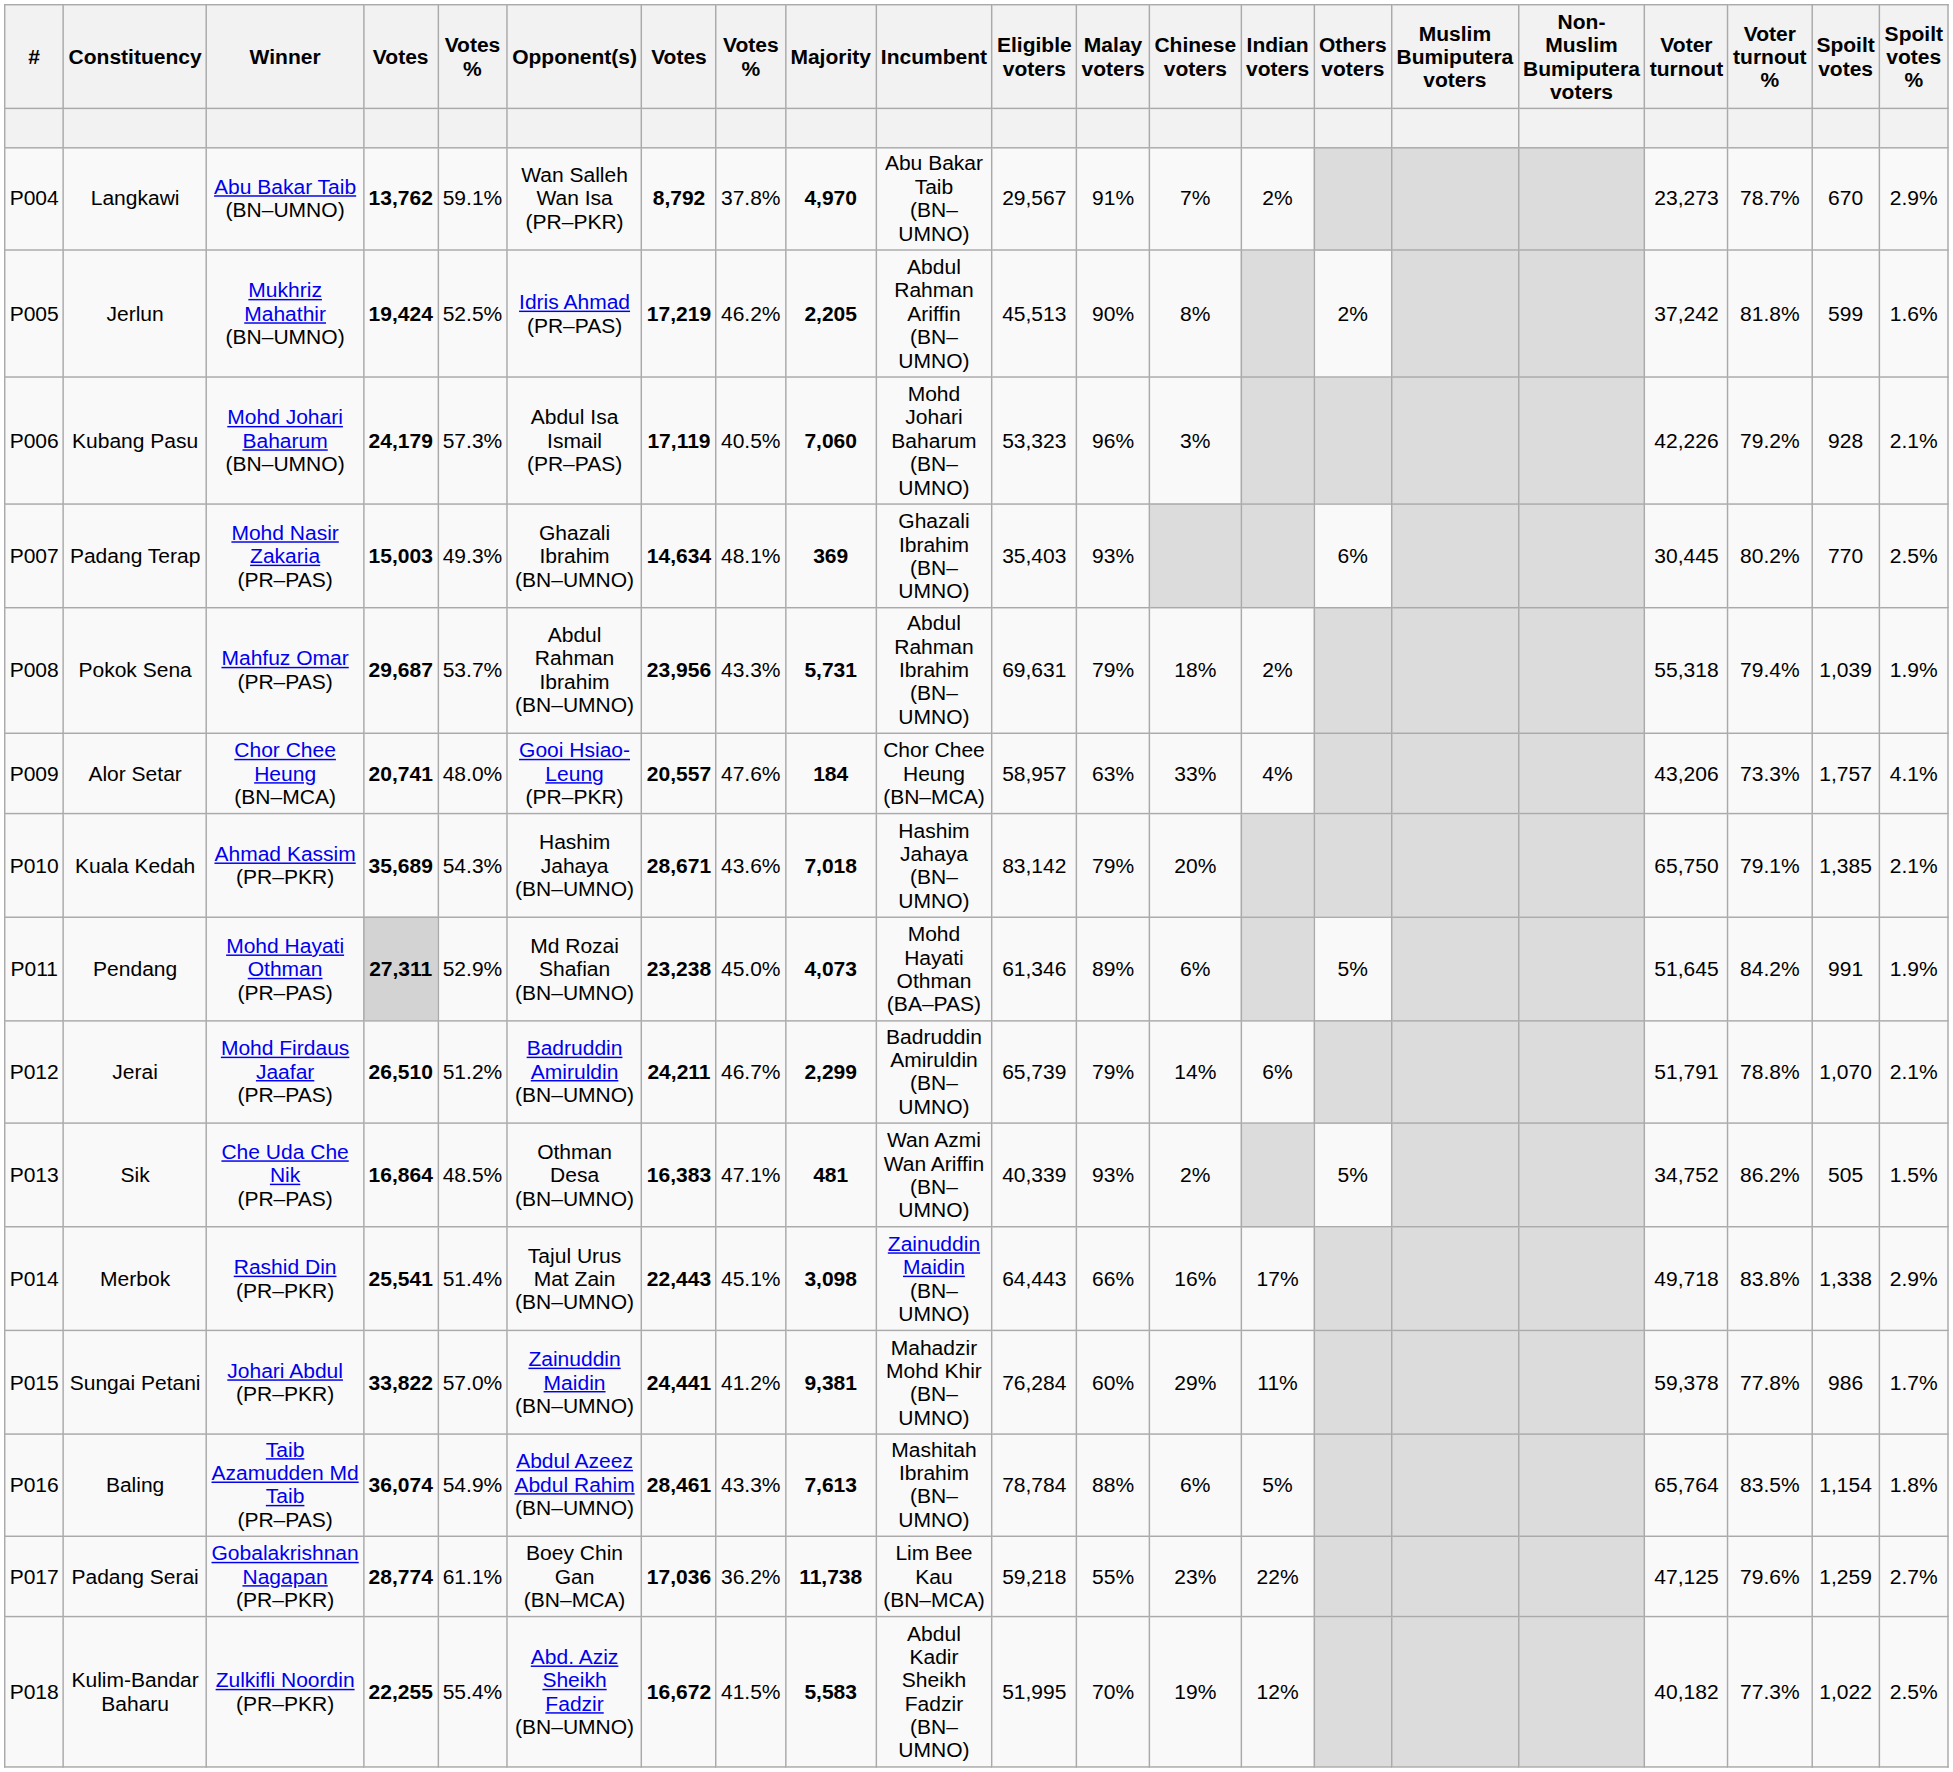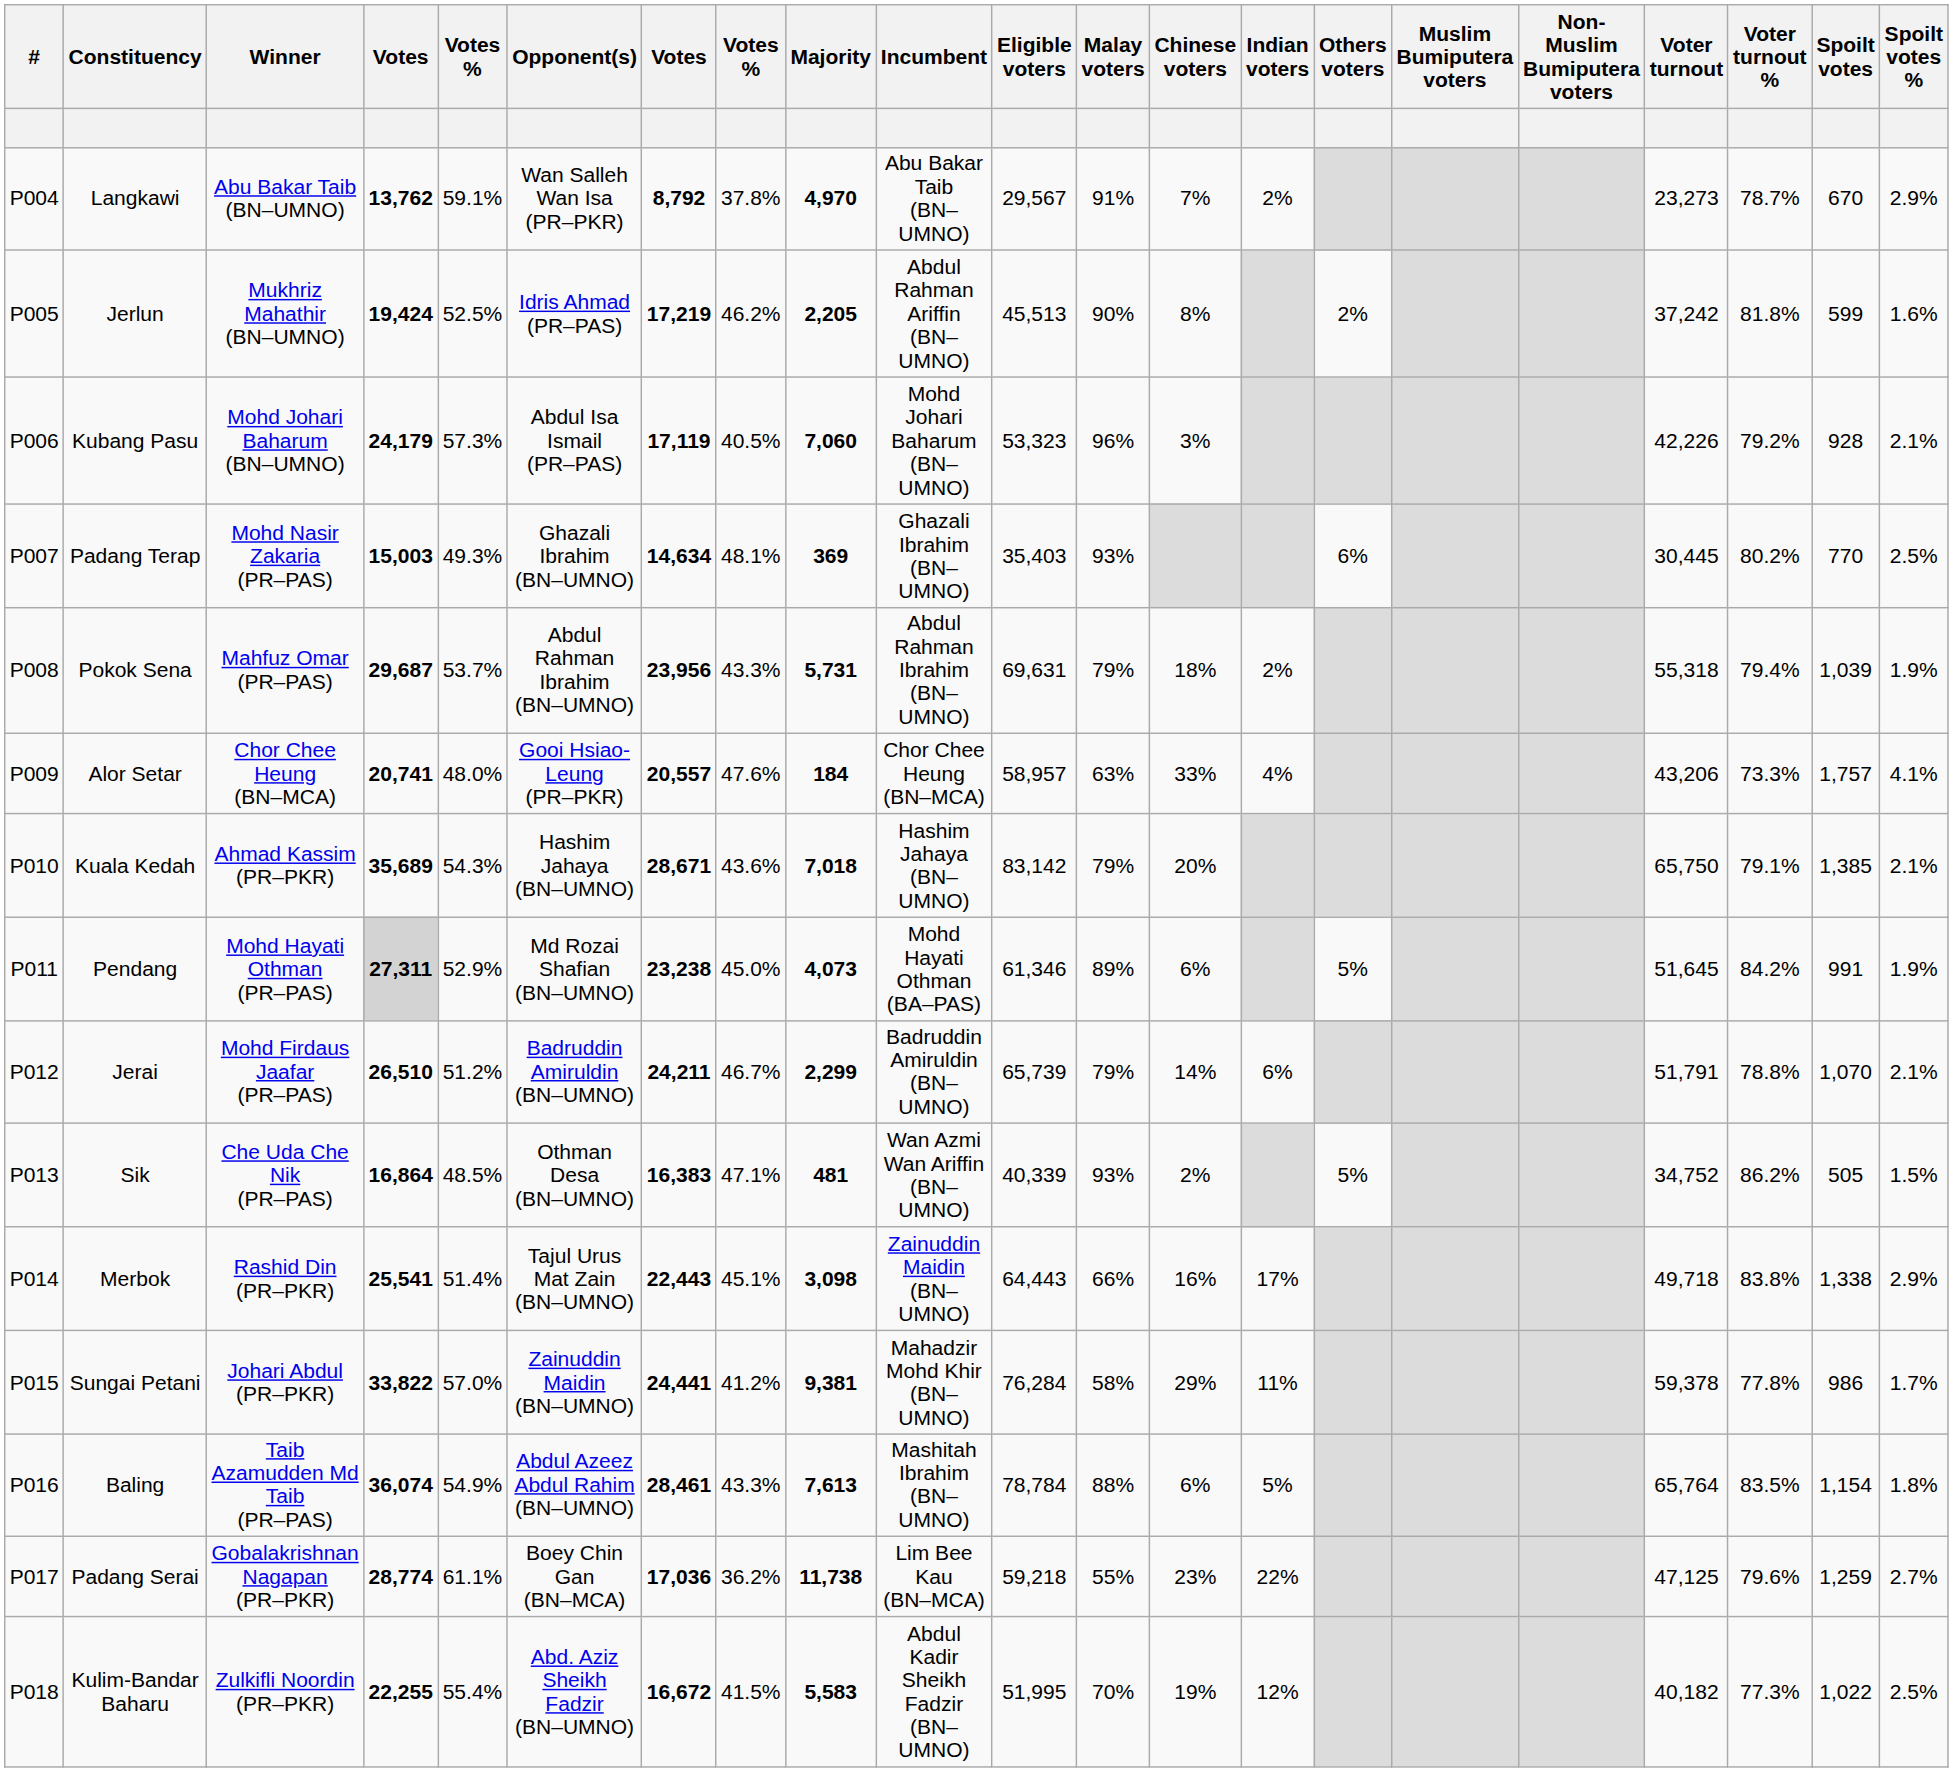 <table class="wikitable sortable" style="text-align:center; font-size:90%">
 <tr>
 <th width="30">#</th>
 <th width="60">Constituency</th>
 <th width="150">Winner</th>
 <th width="50">Votes</th>
 <th width="50">Votes %</th>
 <th width="150">Opponent(s)</th>
 <th width="50">Votes</th>
 <th width="50">Votes %</th>
 <th width="50">Majority</th>
 <th width="150">Incumbent</th>
 <th width="50">Eligible voters</th>
 <th width="50">Malay voters</th>
 <th width="50">Chinese voters</th>
 <th width="50">Indian voters</th>
 <th width="50">Others voters</th>
 <th width="50">Muslim Bumiputera voters</th>
 <th width="50">Non-Muslim Bumiputera voters</th>
 <th width="50">Voter turnout</th>
 <th width="50">Voter turnout %</th>
 <th width="50">Spoilt votes</th>
 <th width="50">Spoilt votes %</th>
 </tr>
 <tr>
 <th height="20"></th>
 <th></th>
 <th></th>
 <th></th>
 <th></th>
 <th></th>
 <th></th>
 <th></th>
 <th></th>
 <th></th>
 <th></th>
 <th></th>
 <th></th>
 <th></th>
 <th></th>
 <th></th>
 <th></th>
 <th></th>
 <th></th>
 <th></th>
 <th></th>
 </tr>
 <tr>
 <td>P004</td>
 <td>Langkawi</td>
 <td><a href='#'>Abu Bakar Taib</a><br>(BN–UMNO)</td>
 <td><strong>13,762</strong></td>
 <td>59.1%</td>
 <td>Wan Salleh Wan Isa<br>(PR–PKR)</td>
 <td><strong>8,792</strong></td>
 <td>37.8%</td>
 <td><strong>4,970</strong></td>
 <td>Abu Bakar Taib<br>(BN–UMNO)</td>
 <td>29,567</td>
 <td>91%</td>
 <td>7%</td>
 <td>2%</td>
 <td bgcolor="dcdcdc"></td>
 <td bgcolor="dcdcdc"></td>
 <td bgcolor="dcdcdc"></td>
 <td>23,273</td>
 <td>78.7%</td>
 <td>670</td>
 <td>2.9%</td>
 </tr>
 <tr>
 <td>P005</td>
 <td>Jerlun</td>
 <td><a href='#'>Mukhriz Mahathir</a><br>(BN–UMNO)</td>
 <td><strong>19,424</strong></td>
 <td>52.5%</td>
 <td><a href='#'>Idris Ahmad</a><br>(PR–PAS)</td>
 <td><strong>17,219</strong></td>
 <td>46.2%</td>
 <td><strong>2,205</strong></td>
 <td>Abdul Rahman Ariffin<br>(BN–UMNO)</td>
 <td>45,513</td>
 <td>90%</td>
 <td>8%</td>
 <td bgcolor="dcdcdc"></td>
 <td>2%</td>
 <td bgcolor="dcdcdc"></td>
 <td bgcolor="dcdcdc"></td>
 <td>37,242</td>
 <td>81.8%</td>
 <td>599</td>
 <td>1.6%</td>
 </tr>
 <tr>
 <td>P006</td>
 <td>Kubang Pasu</td>
 <td><a href='#'>Mohd Johari Baharum</a><br>(BN–UMNO)</td>
 <td><strong>24,179</strong></td>
 <td>57.3%</td>
 <td>Abdul Isa Ismail<br>(PR–PAS)</td>
 <td><strong>17,119</strong></td>
 <td>40.5%</td>
 <td><strong>7,060</strong></td>
 <td>Mohd Johari Baharum<br>(BN–UMNO)</td>
 <td>53,323</td>
 <td>96%</td>
 <td>3%</td>
 <td bgcolor="dcdcdc"></td>
 <td bgcolor="dcdcdc"></td>
 <td bgcolor="dcdcdc"></td>
 <td bgcolor="dcdcdc"></td>
 <td>42,226</td>
 <td>79.2%</td>
 <td>928</td>
 <td>2.1%</td>
 </tr>
 <tr>
 <td>P007</td>
 <td>Padang Terap</td>
 <td><a href='#'>Mohd Nasir Zakaria</a><br>(PR–PAS)</td>
 <td><strong>15,003</strong></td>
 <td>49.3%</td>
 <td>Ghazali Ibrahim<br>(BN–UMNO)</td>
 <td><strong>14,634</strong></td>
 <td>48.1%</td>
 <td><strong>369</strong></td>
 <td>Ghazali Ibrahim<br>(BN–UMNO)</td>
 <td>35,403</td>
 <td>93%</td>
 <td bgcolor="dcdcdc"></td>
 <td bgcolor="dcdcdc"></td>
 <td>6%</td>
 <td bgcolor="dcdcdc"></td>
 <td bgcolor="dcdcdc"></td>
 <td>30,445</td>
 <td>80.2%</td>
 <td>770</td>
 <td>2.5%</td>
 </tr>
 <tr>
 <td>P008</td>
 <td>Pokok Sena</td>
 <td><a href='#'>Mahfuz Omar</a><br>(PR–PAS)</td>
 <td><strong>29,687</strong></td>
 <td>53.7%</td>
 <td>Abdul Rahman Ibrahim<br>(BN–UMNO)</td>
 <td><strong>23,956</strong></td>
 <td>43.3%</td>
 <td><strong>5,731</strong></td>
 <td>Abdul Rahman Ibrahim<br>(BN–UMNO)</td>
 <td>69,631</td>
 <td>79%</td>
 <td>18%</td>
 <td>2%</td>
 <td bgcolor="dcdcdc"></td>
 <td bgcolor="dcdcdc"></td>
 <td bgcolor="dcdcdc"></td>
 <td>55,318</td>
 <td>79.4%</td>
 <td>1,039</td>
 <td>1.9%</td>
 </tr>
 <tr>
 <td>P009</td>
 <td>Alor Setar</td>
 <td><a href='#'>Chor Chee Heung</a><br>(BN–MCA)</td>
 <td><strong>20,741</strong></td>
 <td>48.0%</td>
 <td><a href='#'>Gooi Hsiao-Leung</a><br>(PR–PKR)</td>
 <td><strong>20,557</strong></td>
 <td>47.6%</td>
 <td><strong>184</strong></td>
 <td>Chor Chee Heung<br>(BN–MCA)</td>
 <td>58,957</td>
 <td>63%</td>
 <td>33%</td>
 <td>4%</td>
 <td bgcolor="dcdcdc"></td>
 <td bgcolor="dcdcdc"></td>
 <td bgcolor="dcdcdc"></td>
 <td>43,206</td>
 <td>73.3%</td>
 <td>1,757</td>
 <td>4.1%</td>
 </tr>
 <tr>
 <td>P010</td>
 <td>Kuala Kedah</td>
 <td><a href='#'>Ahmad Kassim</a><br>(PR–PKR)</td>
 <td><strong>35,689</strong></td>
 <td>54.3%</td>
 <td>Hashim Jahaya<br>(BN–UMNO)</td>
 <td><strong>28,671</strong></td>
 <td>43.6%</td>
 <td><strong>7,018</strong></td>
 <td>Hashim Jahaya<br>(BN–UMNO)</td>
 <td>83,142</td>
 <td>79%</td>
 <td>20%</td>
 <td bgcolor="dcdcdc"></td>
 <td bgcolor="dcdcdc"></td>
 <td bgcolor="dcdcdc"></td>
 <td bgcolor="dcdcdc"></td>
 <td>65,750</td>
 <td>79.1%</td>
 <td>1,385</td>
 <td>2.1%</td>
 </tr>
 <tr>
 <td>P011</td>
 <td>Pendang</td>
 <td><a href='#'>Mohd Hayati Othman</a><br>(PR–PAS)</td>
 <td style="background: lightgrey;"><strong>27,311</strong></td>
 <td>52.9%</td>
 <td>Md Rozai Shafian<br>(BN–UMNO)</td>
 <td><strong>23,238</strong></td>
 <td>45.0%</td>
 <td><strong>4,073</strong></td>
 <td>Mohd Hayati Othman<br>(BA–PAS)</td>
 <td>61,346</td>
 <td>89%</td>
 <td>6%</td>
 <td bgcolor="dcdcdc"></td>
 <td>5%</td>
 <td bgcolor="dcdcdc"></td>
 <td bgcolor="dcdcdc"></td>
 <td>51,645</td>
 <td>84.2%</td>
 <td>991</td>
 <td>1.9%</td>
 </tr>
 <tr>
 <td>P012</td>
 <td>Jerai</td>
 <td><a href='#'>Mohd Firdaus Jaafar</a><br>(PR–PAS)</td>
 <td><strong>26,510</strong></td>
 <td>51.2%</td>
 <td><a href='#'>Badruddin Amiruldin</a><br>(BN–UMNO)</td>
 <td><strong>24,211</strong></td>
 <td>46.7%</td>
 <td><strong>2,299</strong></td>
 <td>Badruddin Amiruldin<br>(BN–UMNO)</td>
 <td>65,739</td>
 <td>79%</td>
 <td>14%</td>
 <td>6%</td>
 <td bgcolor="dcdcdc"></td>
 <td bgcolor="dcdcdc"></td>
 <td bgcolor="dcdcdc"></td>
 <td>51,791</td>
 <td>78.8%</td>
 <td>1,070</td>
 <td>2.1%</td>
 </tr>
 <tr>
 <td>P013</td>
 <td>Sik</td>
 <td><a href='#'>Che Uda Che Nik</a><br>(PR–PAS)</td>
 <td><strong>16,864</strong></td>
 <td>48.5%</td>
 <td>Othman Desa<br>(BN–UMNO)</td>
 <td><strong>16,383</strong></td>
 <td>47.1%</td>
 <td><strong>481</strong></td>
 <td>Wan Azmi Wan Ariffin<br>(BN–UMNO)</td>
 <td>40,339</td>
 <td>93%</td>
 <td>2%</td>
 <td bgcolor="dcdcdc"></td>
 <td>5%</td>
 <td bgcolor="dcdcdc"></td>
 <td bgcolor="dcdcdc"></td>
 <td>34,752</td>
 <td>86.2%</td>
 <td>505</td>
 <td>1.5%</td>
 </tr>
 <tr>
 <td>P014</td>
 <td>Merbok</td>
 <td><a href='#'>Rashid Din</a><br>(PR–PKR)</td>
 <td><strong>25,541</strong></td>
 <td>51.4%</td>
 <td>Tajul Urus Mat Zain<br>(BN–UMNO)</td>
 <td><strong>22,443</strong></td>
 <td>45.1%</td>
 <td><strong>3,098</strong></td>
 <td><a href='#'>Zainuddin Maidin</a><br>(BN–UMNO)</td>
 <td>64,443</td>
 <td>66%</td>
 <td>16%</td>
 <td>17%</td>
 <td bgcolor="dcdcdc"></td>
 <td bgcolor="dcdcdc"></td>
 <td bgcolor="dcdcdc"></td>
 <td>49,718</td>
 <td>83.8%</td>
 <td>1,338</td>
 <td>2.9%</td>
 </tr>
 <tr>
 <td>P015</td>
 <td>Sungai Petani</td>
 <td><a href='#'>Johari Abdul</a><br>(PR–PKR)</td>
 <td><strong>33,822</strong></td>
 <td>57.0%</td>
 <td><a href='#'>Zainuddin Maidin</a><br>(BN–UMNO)</td>
 <td><strong>24,441</strong></td>
 <td>41.2%</td>
 <td><strong>9,381</strong></td>
 <td>Mahadzir Mohd Khir<br>(BN–UMNO)</td>
 <td>76,284</td>
-<td>60%</td>
+<td>58%</td>
 <td>29%</td>
 <td>11%</td>
 <td bgcolor="dcdcdc"></td>
 <td bgcolor="dcdcdc"></td>
 <td bgcolor="dcdcdc"></td>
 <td>59,378</td>
 <td>77.8%</td>
 <td>986</td>
 <td>1.7%</td>
 </tr>
 <tr>
 <td>P016</td>
 <td>Baling</td>
 <td><a href='#'>Taib Azamudden Md Taib</a><br>(PR–PAS)</td>
 <td><strong>36,074</strong></td>
 <td>54.9%</td>
 <td><a href='#'>Abdul Azeez Abdul Rahim</a><br>(BN–UMNO)</td>
 <td><strong>28,461</strong></td>
 <td>43.3%</td>
 <td><strong>7,613</strong></td>
 <td>Mashitah Ibrahim<br>(BN–UMNO)</td>
 <td>78,784</td>
 <td>88%</td>
 <td>6%</td>
 <td>5%</td>
 <td bgcolor="dcdcdc"></td>
 <td bgcolor="dcdcdc"></td>
 <td bgcolor="dcdcdc"></td>
 <td>65,764</td>
 <td>83.5%</td>
 <td>1,154</td>
 <td>1.8%</td>
 </tr>
 <tr>
 <td>P017</td>
 <td>Padang Serai</td>
 <td><a href='#'>Gobalakrishnan Nagapan</a><br>(PR–PKR)</td>
 <td><strong>28,774</strong></td>
 <td>61.1%</td>
 <td>Boey Chin Gan<br>(BN–MCA)</td>
 <td><strong>17,036</strong></td>
 <td>36.2%</td>
 <td><strong>11,738</strong></td>
 <td>Lim Bee Kau<br>(BN–MCA)</td>
 <td>59,218</td>
 <td>55%</td>
 <td>23%</td>
 <td>22%</td>
 <td bgcolor="dcdcdc"></td>
 <td bgcolor="dcdcdc"></td>
 <td bgcolor="dcdcdc"></td>
 <td>47,125</td>
 <td>79.6%</td>
 <td>1,259</td>
 <td>2.7%</td>
 </tr>
 <tr>
 <td>P018</td>
 <td>Kulim-Bandar Baharu</td>
 <td><a href='#'>Zulkifli Noordin</a><br>(PR–PKR)</td>
 <td><strong>22,255</strong></td>
 <td>55.4%</td>
 <td><a href='#'>Abd. Aziz Sheikh Fadzir</a><br>(BN–UMNO)</td>
 <td><strong>16,672</strong></td>
 <td>41.5%</td>
 <td><strong>5,583</strong></td>
 <td>Abdul Kadir Sheikh Fadzir<br>(BN–UMNO)</td>
 <td>51,995</td>
 <td>70%</td>
 <td>19%</td>
 <td>12%</td>
 <td bgcolor="dcdcdc"></td>
 <td bgcolor="dcdcdc"></td>
 <td bgcolor="dcdcdc"></td>
 <td>40,182</td>
 <td>77.3%</td>
 <td>1,022</td>
 <td>2.5%</td>
 </tr>
 </table>
